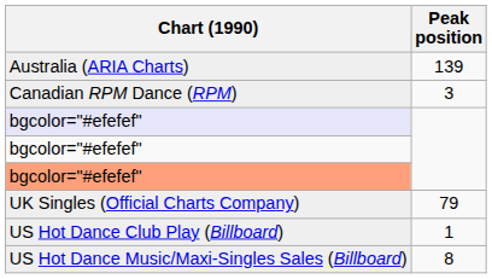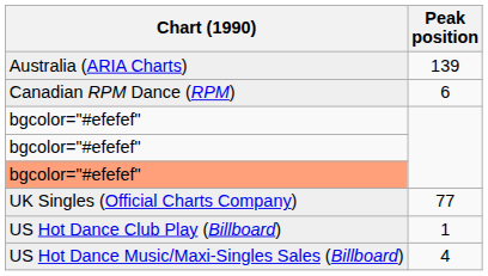 <table class="wikitable sortable plainrowheaders">
 <tr>
 <th>Chart (1990)</th>
 <th>Peak<br>position</th>
 </tr>
 <tr>
 <td bgcolor="#efefef">Australia (<a href='#'>ARIA Charts</a>)</td>
 <td align="center">139</td>
 </tr>
 <tr>
 <td bgcolor="#efefef">Canadian <em>RPM</em> Dance (<em><a href='#'>RPM</a></em>)</td>
-<td align="center">3</td>
+<td align="center">6</td>
 </tr>
 <tr>
-<td style="background: lavender;">bgcolor="#efefef" </td>
+<td>bgcolor="#efefef" </td>
 </tr>
 <tr>
 <td>bgcolor="#efefef" </td>
 </tr>
 <tr>
 <td style="background: lightsalmon;">bgcolor="#efefef" </td>
 </tr>
 <tr>
 <td bgcolor="#efefef">UK Singles (<a href='#'>Official Charts Company</a>)</td>
-<td align="center">79</td>
+<td align="center">77</td>
 </tr>
 <tr>
 <td bgcolor="#efefef">US <a href='#'>Hot Dance Club Play</a> (<a href='#'><em>Billboard</em></a>)</td>
 <td align="center">1</td>
 </tr>
 <tr>
 <td bgcolor="#efefef">US <a href='#'>Hot Dance Music/Maxi-Singles Sales</a> (<a href='#'><em>Billboard</em></a>)</td>
-<td align="center">8</td>
+<td align="center">4</td>
 </tr>
 </table>
